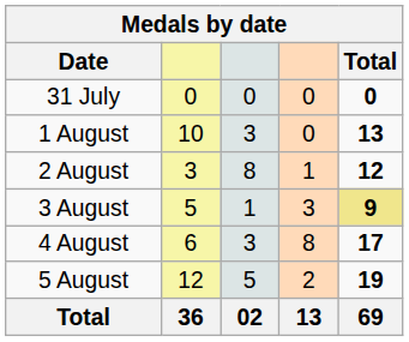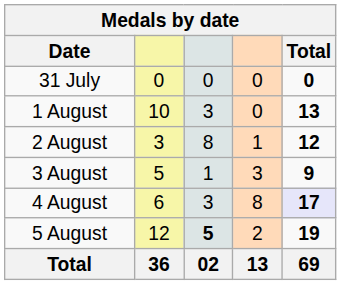 <table class="wikitable" style="font-size:90%; text-align:center;">
 <tr style="background:#efefef;">
 <th colspan=5><strong>Medals by date</strong></th>
 </tr>
 <tr>
 <th width=90><strong>Date</strong></th>
 <th width=30 style="background:#F7F6A8;"></th>
 <th width=30 style="background:#DCE5E5;"></th>
 <th width=30 style="background:#FFDAB9;"></th>
 <th width=30><strong>Total</strong></th>
 </tr>
 <tr>
 <td>31 July</td>
 <td style="background:#F7F6A8;">0</td>
 <td style="background:#DCE5E5;">0</td>
 <td style="background:#FFDAB9;">0</td>
 <td><strong>0</strong></td>
 </tr>
 <tr>
 <td>1 August</td>
 <td style="background:#F7F6A8;">10</td>
 <td style="background:#DCE5E5;">3</td>
 <td style="background:#FFDAB9;">0</td>
 <td><strong>13</strong></td>
 </tr>
 <tr>
 <td>2 August</td>
 <td style="background:#F7F6A8;">3</td>
 <td style="background:#DCE5E5;">8</td>
 <td style="background:#FFDAB9;">1</td>
 <td><strong>12</strong></td>
 </tr>
 <tr>
 <td>3 August</td>
 <td style="background:#F7F6A8;">5</td>
 <td style="background:#DCE5E5;">1</td>
 <td style="background:#FFDAB9;">3</td>
-<td style="background: khaki;"><strong>9</strong></td>
+<td><strong>9</strong></td>
 </tr>
 <tr>
 <td>4 August</td>
 <td style="background:#F7F6A8;">6</td>
 <td style="background:#DCE5E5;">3</td>
 <td style="background:#FFDAB9;">8</td>
-<td><strong>17</strong></td>
+<td style="background: lavender;"><strong>17</strong></td>
 </tr>
 <tr>
 <td>5 August</td>
 <td style="background:#F7F6A8;">12</td>
-<td style="background:#DCE5E5;">5</td>
+<td style="background:#DCE5E5;"><strong>5</strong></td>
 <td style="background:#FFDAB9;">2</td>
 <td><strong>19</strong></td>
 </tr>
 <tr>
 <th><strong>Total</strong></th>
 <th><strong>36</strong></th>
 <th><strong>02</strong></th>
 <th><strong>13</strong></th>
 <th><strong>69</strong></th>
 </tr>
 </table>
